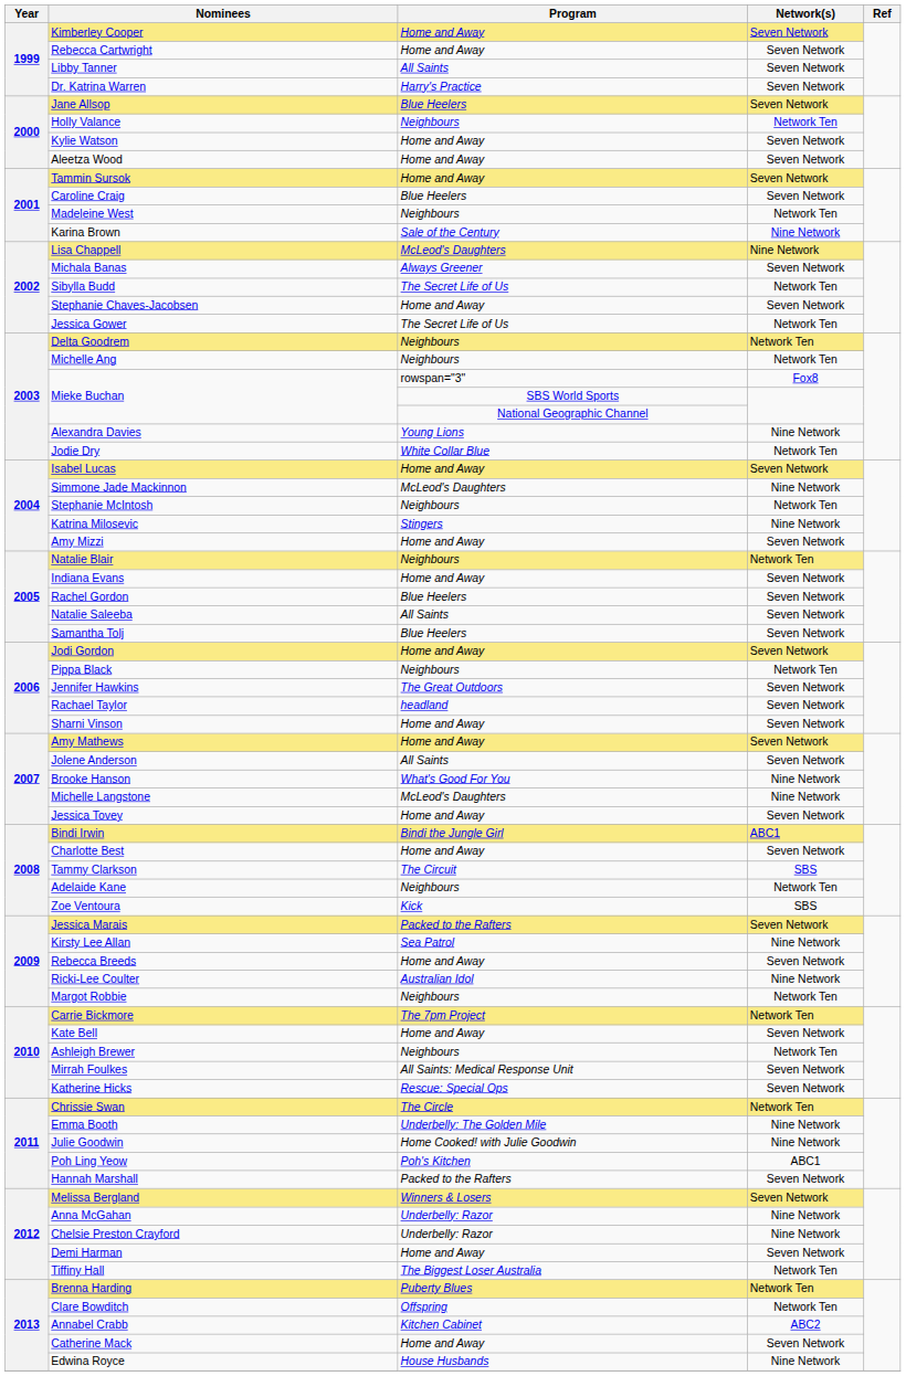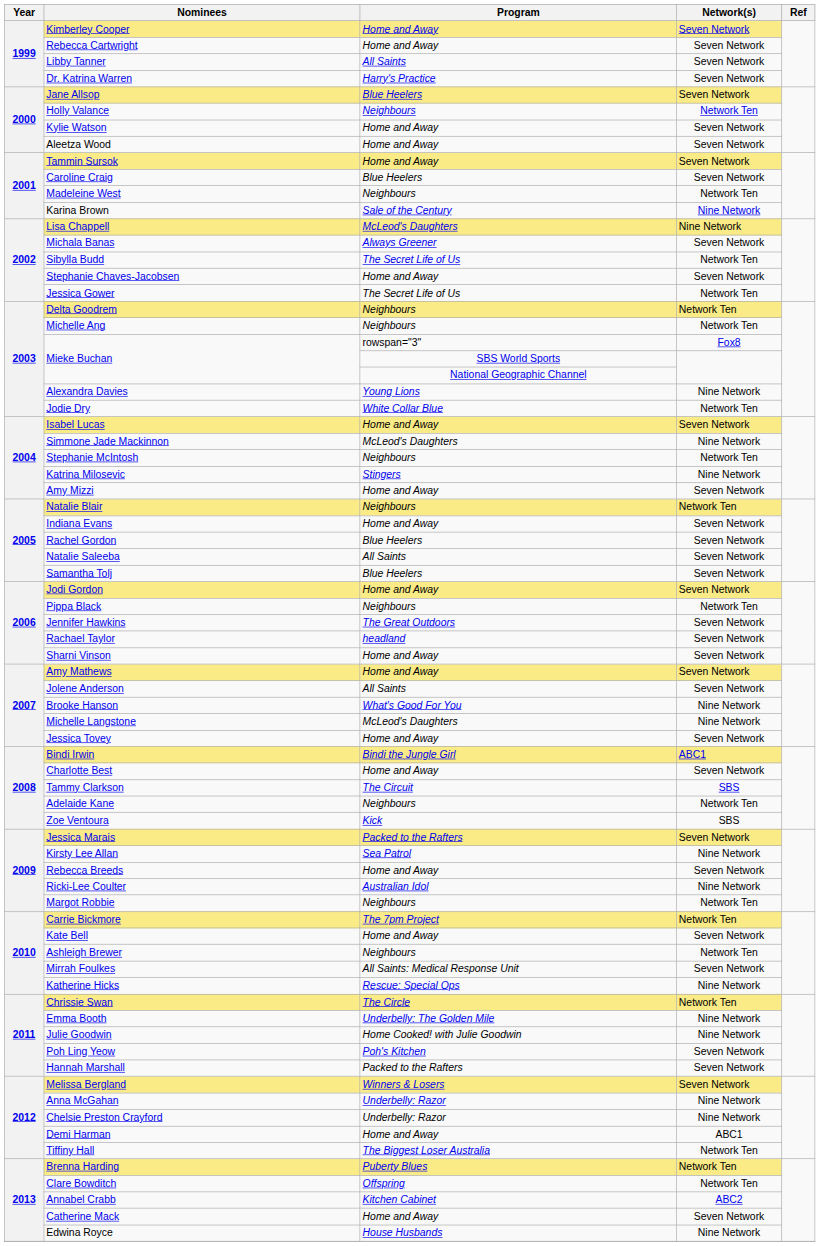 <table class="wikitable sortable">
 <tr style="background:#bebebe;">
 <th scope="col" style="width:1%;">Year</th>
 <th scope="col" style="width:16%;">Nominees</th>
 <th scope="col" style="width:16%;">Program</th>
 <th scope="col" style="width:4%;">Network(s)</th>
 <th scope="col" style="width:1%;" class="unsortable">Ref</th>
 </tr>
 <tr>
 <th scope="row" rowspan="4" style="text-align:center"><a href='#'>1999</a></th>
 <td style="background:#FAEB86"><a href='#'>Kimberley Cooper</a></td>
 <td style="background:#FAEB86"><em><a href='#'>Home and Away</a></em></td>
 <td style="background:#FAEB86" style="text-align:center"><a href='#'>Seven Network</a></td>
 <td rowspan="4" style="text-align:center"></td>
 </tr>
 <tr>
 <td><a href='#'>Rebecca Cartwright</a></td>
 <td><em>Home and Away</em></td>
 <td style="text-align:center">Seven Network</td>
 </tr>
 <tr>
 <td><a href='#'>Libby Tanner</a></td>
 <td><em><a href='#'>All Saints</a></em></td>
 <td style="text-align:center">Seven Network</td>
 </tr>
 <tr>
 <td><a href='#'>Dr. Katrina Warren</a></td>
 <td><em><a href='#'>Harry's Practice</a></em></td>
 <td style="text-align:center">Seven Network</td>
 </tr>
 <tr>
 <th scope="row" rowspan="4" style="text-align:center"><a href='#'>2000</a></th>
 <td style="background:#FAEB86"><a href='#'>Jane Allsop</a></td>
 <td style="background:#FAEB86"><em><a href='#'>Blue Heelers</a></em></td>
 <td style="background:#FAEB86" style="text-align:center">Seven Network</td>
 <td rowspan="4" style="text-align:center"></td>
 </tr>
 <tr>
 <td><a href='#'>Holly Valance</a></td>
 <td><em><a href='#'>Neighbours</a></em></td>
 <td style="text-align:center"><a href='#'>Network Ten</a></td>
 </tr>
 <tr>
 <td><a href='#'>Kylie Watson</a></td>
 <td><em>Home and Away</em></td>
 <td style="text-align:center">Seven Network</td>
 </tr>
 <tr>
 <td>Aleetza Wood</td>
 <td><em>Home and Away</em></td>
 <td style="text-align:center">Seven Network</td>
 </tr>
 <tr>
 <th scope="row" rowspan="4" style="text-align:center"><a href='#'>2001</a></th>
 <td style="background:#FAEB86"><a href='#'>Tammin Sursok</a></td>
 <td style="background:#FAEB86"><em>Home and Away</em></td>
 <td style="background:#FAEB86" style="text-align:center">Seven Network</td>
 <td rowspan="4" style="text-align:center"></td>
 </tr>
 <tr>
 <td><a href='#'>Caroline Craig</a></td>
 <td><em>Blue Heelers</em></td>
 <td style="text-align:center">Seven Network</td>
 </tr>
 <tr>
 <td><a href='#'>Madeleine West</a></td>
 <td><em>Neighbours</em></td>
 <td style="text-align:center">Network Ten</td>
 </tr>
 <tr>
 <td>Karina Brown</td>
 <td><em><a href='#'>Sale of the Century</a></em></td>
 <td style="text-align:center"><a href='#'>Nine Network</a></td>
 </tr>
 <tr>
 <th scope="row" rowspan="5" style="text-align:center"><a href='#'>2002</a></th>
 <td style="background:#FAEB86"><a href='#'>Lisa Chappell</a></td>
 <td style="background:#FAEB86"><em><a href='#'>McLeod's Daughters</a></em></td>
 <td style="background:#FAEB86" style="text-align:center">Nine Network</td>
 <td rowspan="5" style="text-align:center"></td>
 </tr>
 <tr>
 <td><a href='#'>Michala Banas</a></td>
 <td><em><a href='#'>Always Greener</a></em></td>
 <td style="text-align:center">Seven Network</td>
 </tr>
 <tr>
 <td><a href='#'>Sibylla Budd</a></td>
 <td><em><a href='#'>The Secret Life of Us</a></em></td>
 <td style="text-align:center">Network Ten</td>
 </tr>
 <tr>
 <td><a href='#'>Stephanie Chaves-Jacobsen</a></td>
 <td><em>Home and Away</em></td>
 <td style="text-align:center">Seven Network</td>
 </tr>
 <tr>
 <td><a href='#'>Jessica Gower</a></td>
 <td><em>The Secret Life of Us</em></td>
 <td style="text-align:center">Network Ten</td>
 </tr>
 <tr>
 <th scope="row" rowspan="7" style="text-align:center"><a href='#'>2003</a></th>
 <td style="background:#FAEB86"><a href='#'>Delta Goodrem</a></td>
 <td style="background:#FAEB86"><em>Neighbours</em></td>
 <td style="background:#FAEB86" style="text-align:center">Network Ten</td>
 <td rowspan="7" style="text-align:center"></td>
 </tr>
 <tr>
 <td><a href='#'>Michelle Ang</a></td>
 <td><em>Neighbours</em></td>
 <td style="text-align:center">Network Ten</td>
 </tr>
 <tr>
 <td rowspan="3"><a href='#'>Mieke Buchan</a></td>
 <td>rowspan="3" </td>
 <td style="text-align:center"><a href='#'>Fox8</a></td>
 </tr>
 <tr>
 <td style="text-align:center"><a href='#'>SBS World Sports</a></td>
 </tr>
 <tr>
 <td style="text-align:center"><a href='#'>National Geographic Channel</a></td>
 </tr>
 <tr>
 <td><a href='#'>Alexandra Davies</a></td>
 <td><em><a href='#'>Young Lions</a></em></td>
 <td style="text-align:center">Nine Network</td>
 </tr>
 <tr>
 <td><a href='#'>Jodie Dry</a></td>
 <td><em><a href='#'>White Collar Blue</a></em></td>
 <td style="text-align:center">Network Ten</td>
 </tr>
 <tr>
 <th scope="row" rowspan="5" style="text-align:center"><a href='#'>2004</a></th>
 <td style="background:#FAEB86"><a href='#'>Isabel Lucas</a></td>
 <td style="background:#FAEB86"><em>Home and Away</em></td>
 <td style="background:#FAEB86" style="text-align:center">Seven Network</td>
 <td rowspan="5" style="text-align:center"></td>
 </tr>
 <tr>
 <td><a href='#'>Simmone Jade Mackinnon</a></td>
 <td><em>McLeod's Daughters</em></td>
 <td style="text-align:center">Nine Network</td>
 </tr>
 <tr>
 <td><a href='#'>Stephanie McIntosh</a></td>
 <td><em>Neighbours</em></td>
 <td style="text-align:center">Network Ten</td>
 </tr>
 <tr>
 <td><a href='#'>Katrina Milosevic</a></td>
 <td><em><a href='#'>Stingers</a></em></td>
 <td style="text-align:center">Nine Network</td>
 </tr>
 <tr>
 <td><a href='#'>Amy Mizzi</a></td>
 <td><em>Home and Away</em></td>
 <td style="text-align:center">Seven Network</td>
 </tr>
 <tr>
 <th scope="row" rowspan="5" style="text-align:center"><a href='#'>2005</a></th>
 <td style="background:#FAEB86"><a href='#'>Natalie Blair</a></td>
 <td style="background:#FAEB86"><em>Neighbours</em></td>
 <td style="background:#FAEB86" style="text-align:center">Network Ten</td>
 <td rowspan="5" style="text-align:center"></td>
 </tr>
 <tr>
 <td><a href='#'>Indiana Evans</a></td>
 <td><em>Home and Away</em></td>
 <td style="text-align:center">Seven Network</td>
 </tr>
 <tr>
 <td><a href='#'>Rachel Gordon</a></td>
 <td><em>Blue Heelers</em></td>
 <td style="text-align:center">Seven Network</td>
 </tr>
 <tr>
 <td><a href='#'>Natalie Saleeba</a></td>
 <td><em>All Saints</em></td>
 <td style="text-align:center">Seven Network</td>
 </tr>
 <tr>
 <td><a href='#'>Samantha Tolj</a></td>
 <td><em>Blue Heelers</em></td>
 <td style="text-align:center">Seven Network</td>
 </tr>
 <tr>
 <th scope="row" rowspan="5" style="text-align:center"><a href='#'>2006</a></th>
 <td style="background:#FAEB86"><a href='#'>Jodi Gordon</a></td>
 <td style="background:#FAEB86"><em>Home and Away</em></td>
 <td style="background:#FAEB86" style="text-align:center">Seven Network</td>
 <td rowspan="5" style="text-align:center"></td>
 </tr>
 <tr>
 <td><a href='#'>Pippa Black</a></td>
 <td><em>Neighbours</em></td>
 <td style="text-align:center">Network Ten</td>
 </tr>
 <tr>
 <td><a href='#'>Jennifer Hawkins</a></td>
 <td><em><a href='#'>The Great Outdoors</a></em></td>
 <td style="text-align:center">Seven Network</td>
 </tr>
 <tr>
 <td><a href='#'>Rachael Taylor</a></td>
 <td><em><a href='#'>headland</a></em></td>
 <td style="text-align:center">Seven Network</td>
 </tr>
 <tr>
 <td><a href='#'>Sharni Vinson</a></td>
 <td><em>Home and Away</em></td>
 <td style="text-align:center">Seven Network</td>
 </tr>
 <tr>
 <th scope="row" rowspan="5" style="text-align:center"><a href='#'>2007</a></th>
 <td style="background:#FAEB86"><a href='#'>Amy Mathews</a></td>
 <td style="background:#FAEB86"><em>Home and Away</em></td>
 <td style="background:#FAEB86" style="text-align:center">Seven Network</td>
 <td rowspan="5" style="text-align:center"></td>
 </tr>
 <tr>
 <td><a href='#'>Jolene Anderson</a></td>
 <td><em>All Saints</em></td>
 <td style="text-align:center">Seven Network</td>
 </tr>
 <tr>
 <td><a href='#'>Brooke Hanson</a></td>
 <td><em><a href='#'>What's Good For You</a></em></td>
 <td style="text-align:center">Nine Network</td>
 </tr>
 <tr>
 <td><a href='#'>Michelle Langstone</a></td>
 <td><em>McLeod's Daughters</em></td>
 <td style="text-align:center">Nine Network</td>
 </tr>
 <tr>
 <td><a href='#'>Jessica Tovey</a></td>
 <td><em>Home and Away</em></td>
 <td style="text-align:center">Seven Network</td>
 </tr>
 <tr>
 <th scope="row" rowspan="5" style="text-align:center"><a href='#'>2008</a></th>
 <td style="background:#FAEB86"><a href='#'>Bindi Irwin</a></td>
 <td style="background:#FAEB86"><em><a href='#'>Bindi the Jungle Girl</a></em></td>
 <td style="background:#FAEB86" style="text-align:center"><a href='#'>ABC1</a></td>
 <td rowspan="5" style="text-align:center"></td>
 </tr>
 <tr>
 <td><a href='#'>Charlotte Best</a></td>
 <td><em>Home and Away</em></td>
 <td style="text-align:center">Seven Network</td>
 </tr>
 <tr>
 <td><a href='#'>Tammy Clarkson</a></td>
 <td><em><a href='#'>The Circuit</a></em></td>
 <td style="text-align:center"><a href='#'>SBS</a></td>
 </tr>
 <tr>
 <td><a href='#'>Adelaide Kane</a></td>
 <td><em>Neighbours</em></td>
 <td style="text-align:center">Network Ten</td>
 </tr>
 <tr>
 <td><a href='#'>Zoe Ventoura</a></td>
 <td><em><a href='#'>Kick</a></em></td>
 <td style="text-align:center">SBS</td>
 </tr>
 <tr>
 <th scope="row" rowspan="5" style="text-align:center"><a href='#'>2009</a></th>
 <td style="background:#FAEB86"><a href='#'>Jessica Marais</a></td>
 <td style="background:#FAEB86"><em><a href='#'>Packed to the Rafters</a></em></td>
 <td style="background:#FAEB86" style="text-align:center">Seven Network</td>
 <td rowspan="5" style="text-align:center"></td>
 </tr>
 <tr>
 <td><a href='#'>Kirsty Lee Allan</a></td>
 <td><em><a href='#'>Sea Patrol</a></em></td>
 <td style="text-align:center">Nine Network</td>
 </tr>
 <tr>
 <td><a href='#'>Rebecca Breeds</a></td>
 <td><em>Home and Away</em></td>
 <td style="text-align:center">Seven Network</td>
 </tr>
 <tr>
 <td><a href='#'>Ricki-Lee Coulter</a></td>
 <td><em><a href='#'>Australian Idol</a></em></td>
 <td style="text-align:center">Nine Network</td>
 </tr>
 <tr>
 <td><a href='#'>Margot Robbie</a></td>
 <td><em>Neighbours</em></td>
 <td style="text-align:center">Network Ten</td>
 </tr>
 <tr>
 <th scope="row" rowspan="5" style="text-align:center"><a href='#'>2010</a></th>
 <td style="background:#FAEB86"><a href='#'>Carrie Bickmore</a></td>
 <td style="background:#FAEB86"><em><a href='#'>The 7pm Project</a></em></td>
 <td style="background:#FAEB86" style="text-align:center">Network Ten</td>
 <td rowspan="5" style="text-align:center"></td>
 </tr>
 <tr>
 <td><a href='#'>Kate Bell</a></td>
 <td><em>Home and Away</em></td>
 <td style="text-align:center">Seven Network</td>
 </tr>
 <tr>
 <td><a href='#'>Ashleigh Brewer</a></td>
 <td><em>Neighbours</em></td>
 <td style="text-align:center">Network Ten</td>
 </tr>
 <tr>
 <td><a href='#'>Mirrah Foulkes</a></td>
 <td><em>All Saints: Medical Response Unit</em></td>
 <td style="text-align:center">Seven Network</td>
 </tr>
 <tr>
 <td><a href='#'>Katherine Hicks</a></td>
 <td><em><a href='#'>Rescue: Special Ops</a></em></td>
-<td style="text-align:center">Seven Network</td>
+<td style="text-align:center">Nine Network</td>
 </tr>
 <tr>
 <th scope="row" rowspan="5" style="text-align:center"><a href='#'>2011</a></th>
 <td style="background:#FAEB86"><a href='#'>Chrissie Swan</a></td>
 <td style="background:#FAEB86"><em><a href='#'>The Circle</a></em></td>
 <td style="background:#FAEB86" style="text-align:center">Network Ten</td>
 <td rowspan="5" style="text-align:center"></td>
 </tr>
 <tr>
 <td><a href='#'>Emma Booth</a></td>
 <td><em><a href='#'>Underbelly: The Golden Mile</a></em></td>
 <td style="text-align:center">Nine Network</td>
 </tr>
 <tr>
 <td><a href='#'>Julie Goodwin</a></td>
 <td><em>Home Cooked! with Julie Goodwin</em></td>
 <td style="text-align:center">Nine Network</td>
 </tr>
 <tr>
 <td><a href='#'>Poh Ling Yeow</a></td>
 <td><em><a href='#'>Poh's Kitchen</a></em></td>
-<td style="text-align:center">ABC1</td>
+<td style="text-align:center">Seven Network</td>
 </tr>
 <tr>
 <td><a href='#'>Hannah Marshall</a></td>
 <td><em>Packed to the Rafters</em></td>
 <td style="text-align:center">Seven Network</td>
 </tr>
 <tr>
 <th scope="row" rowspan="5" style="text-align:center"><a href='#'>2012</a></th>
 <td style="background:#FAEB86"><a href='#'>Melissa Bergland</a></td>
 <td style="background:#FAEB86"><em><a href='#'>Winners & Losers</a></em></td>
 <td style="background:#FAEB86" style="text-align:center">Seven Network</td>
 <td rowspan="5" style="text-align:center"></td>
 </tr>
 <tr>
 <td><a href='#'>Anna McGahan</a></td>
 <td><em><a href='#'>Underbelly: Razor</a></em></td>
 <td style="text-align:center">Nine Network</td>
 </tr>
 <tr>
 <td><a href='#'>Chelsie Preston Crayford</a></td>
 <td><em>Underbelly: Razor</em></td>
 <td style="text-align:center">Nine Network</td>
 </tr>
 <tr>
 <td><a href='#'>Demi Harman</a></td>
 <td><em>Home and Away</em></td>
-<td style="text-align:center">Seven Network</td>
+<td style="text-align:center">ABC1</td>
 </tr>
 <tr>
 <td><a href='#'>Tiffiny Hall</a></td>
 <td><em><a href='#'>The Biggest Loser Australia</a></em></td>
 <td style="text-align:center">Network Ten</td>
 </tr>
 <tr>
 <th scope="row" rowspan="5" style="text-align:center"><a href='#'>2013</a></th>
 <td style="background:#FAEB86"><a href='#'>Brenna Harding</a></td>
 <td style="background:#FAEB86"><em><a href='#'>Puberty Blues</a></em></td>
 <td style="background:#FAEB86" style="text-align:center">Network Ten</td>
 <td rowspan="5" style="text-align:center"></td>
 </tr>
 <tr>
 <td><a href='#'>Clare Bowditch</a></td>
 <td><em><a href='#'>Offspring</a></em></td>
 <td style="text-align:center">Network Ten</td>
 </tr>
 <tr>
 <td><a href='#'>Annabel Crabb</a></td>
 <td><em><a href='#'>Kitchen Cabinet</a></em></td>
 <td style="text-align:center"><a href='#'>ABC2</a></td>
 </tr>
 <tr>
 <td><a href='#'>Catherine Mack</a></td>
 <td><em>Home and Away</em></td>
 <td style="text-align:center">Seven Network</td>
 </tr>
 <tr>
 <td>Edwina Royce</td>
 <td><em><a href='#'>House Husbands</a></em></td>
 <td style="text-align:center">Nine Network</td>
 </tr>
 <tr>
 </tr>
 </table>
